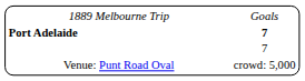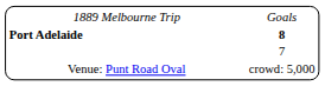 <table style="margin-right:4px; margin-top:8px; float:right; border:1px #000 solid; border-radius:8px; background:#fff; font-family:Verdana; font-size:8pt; text-align:center;">
 <tr>
 <td width=200><em>1889 Melbourne Trip</em></td>
 <td><em>Goals</em></td>
 </tr>
 <tr>
 <td style="text-align:left"><strong>Port Adelaide</strong></td>
-<td><strong>7</strong></td>
+<td><strong>8</strong></td>
 </tr>
 <tr>
 <td style="text-align:left"></td>
 <td>7</td>
 </tr>
 <tr>
 <td>Venue: <a href='#'>Punt Road Oval</a></td>
 <td colspan=3>crowd: 5,000</td>
 </tr>
 </table>
